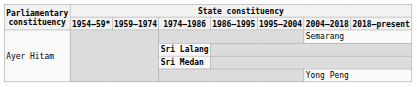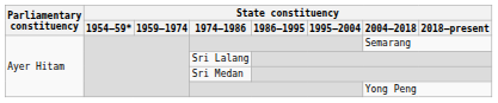 <table class="wikitable">
 <tr>
 <th rowspan="2">Parliamentary<br>constituency</th>
 <th colspan="7">State constituency</th>
 </tr>
 <tr>
 <th>1954–59*</th>
 <th>1959–1974</th>
 <th>1974–1986</th>
 <th>1986–1995</th>
 <th>1995–2004</th>
 <th>2004–2018</th>
 <th>2018–present</th>
 </tr>
 <tr>
 <td rowspan="4">Ayer Hitam</td>
 <td colspan="2" rowspan="4" bgcolor="dcdcdc"></td>
 <td colspan="3" bgcolor="dcdcdc"></td>
 <td colspan="2">Semarang</td>
 </tr>
 <tr>
-<td><strong>Sri Lalang</strong></td>
+<td>Sri Lalang</td>
 <td colspan="4" bgcolor="dcdcdc"></td>
 </tr>
 <tr>
-<td><strong>Sri Medan</strong></td>
+<td>Sri Medan</td>
 <td colspan="4" bgcolor="dcdcdc"></td>
 </tr>
 <tr>
 <td colspan="3" bgcolor="dcdcdc"></td>
 <td colspan="2">Yong Peng</td>
 </tr>
 </table>
